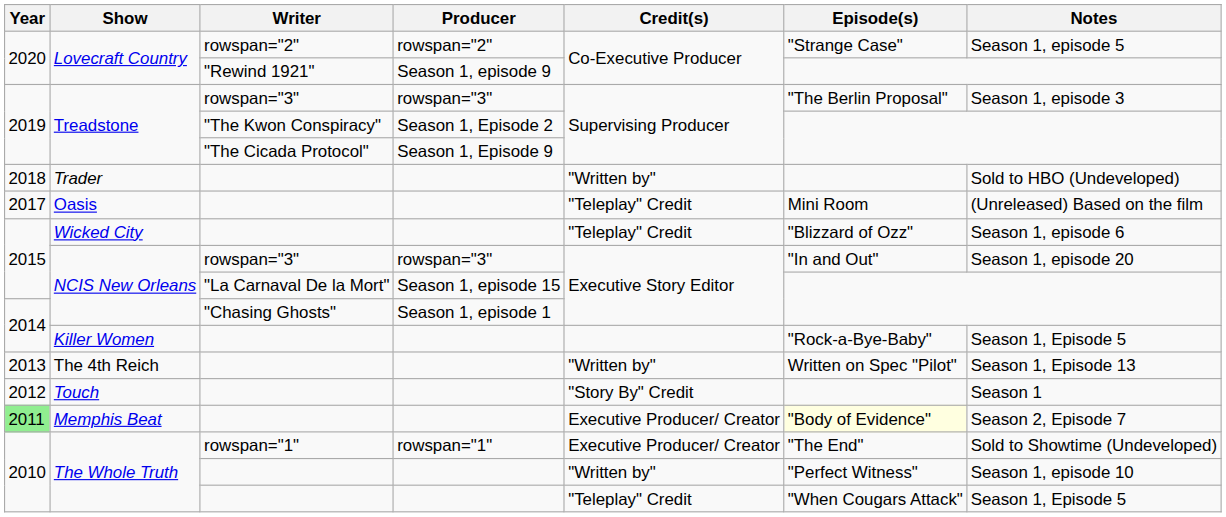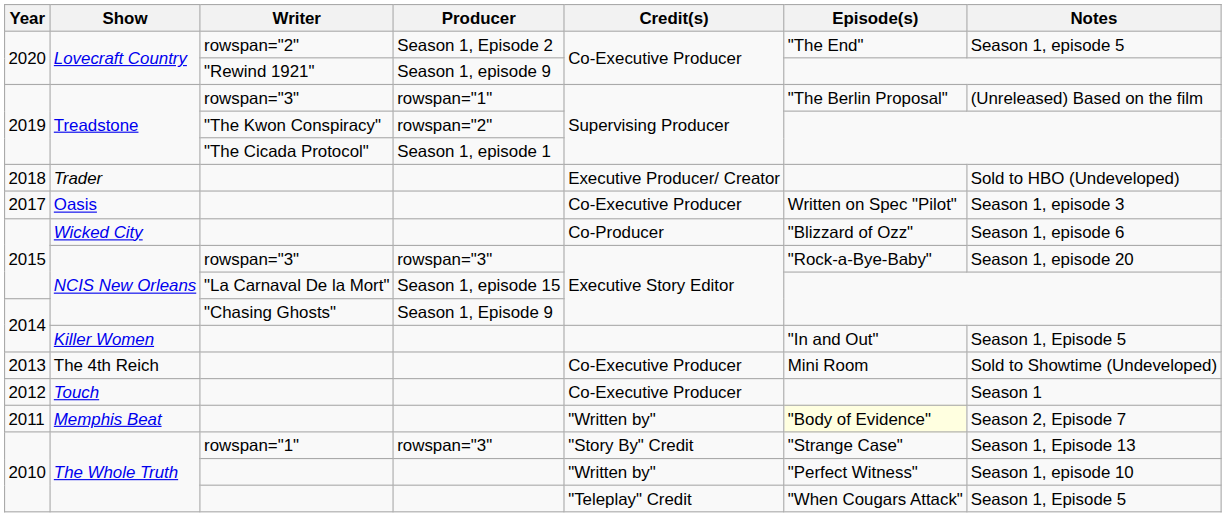 <table class="wikitable" style="font-size: 95%;">
 <tr>
 <th>Year</th>
 <th>Show</th>
 <th>Writer</th>
 <th>Producer</th>
 <th>Credit(s)</th>
 <th>Episode(s)</th>
 <th>Notes</th>
 </tr>
 <tr>
 <td rowspan="2">2020</td>
 <td rowspan="2"><em><a href='#'>Lovecraft Country</a></em></td>
 <td>rowspan="2" </td>
-<td>rowspan="2" </td>
+<td>Season 1, Episode 2</td>
 <td rowspan="2">Co-Executive Producer</td>
-<td>"Strange Case"</td>
+<td>"The End"</td>
 <td>Season 1, episode 5</td>
 </tr>
 <tr>
 <td>"Rewind 1921"</td>
 <td>Season 1, episode 9</td>
 </tr>
 <tr>
 <td rowspan="3">2019</td>
 <td rowspan="3"><a href='#'>Treadstone</a></td>
 <td>rowspan="3" </td>
-<td>rowspan="3" </td>
+<td>rowspan="1" </td>
 <td rowspan="3">Supervising Producer</td>
 <td>"The Berlin Proposal"</td>
-<td>Season 1, episode 3</td>
+<td>(Unreleased) Based on the film</td>
 </tr>
 <tr>
 <td>"The Kwon Conspiracy"</td>
-<td>Season 1, Episode 2</td>
+<td>rowspan="2" </td>
 </tr>
 <tr>
 <td>"The Cicada Protocol"</td>
-<td>Season 1, Episode 9</td>
+<td>Season 1, episode 1</td>
 </tr>
 <tr>
 <td>2018</td>
 <td><em>Trader</em></td>
 <td></td>
 <td></td>
-<td>"Written by"</td>
+<td>Executive Producer/ Creator</td>
 <td></td>
 <td>Sold to HBO (Undeveloped)</td>
 </tr>
 <tr>
 <td>2017</td>
 <td><a href='#'>Oasis</a></td>
 <td></td>
 <td></td>
-<td>"Teleplay" Credit</td>
-<td>Mini Room</td>
-<td>(Unreleased) Based on the film</td>
+<td>Co-Executive Producer</td>
+<td>Written on Spec "Pilot"</td>
+<td>Season 1, episode 3</td>
 </tr>
 <tr>
 <td rowspan="3">2015</td>
 <td rowspan="1"><em><a href='#'>Wicked City</a></em></td>
 <td></td>
 <td></td>
-<td>"Teleplay" Credit</td>
+<td>Co-Producer</td>
 <td>"Blizzard of Ozz"</td>
 <td>Season 1, episode 6</td>
 </tr>
 <tr>
 <td rowspan="3"><em><a href='#'>NCIS New Orleans</a></em></td>
 <td>rowspan="3" </td>
 <td>rowspan="3" </td>
 <td rowspan="3">Executive Story Editor</td>
-<td>"In and Out"</td>
+<td>"Rock-a-Bye-Baby"</td>
 <td>Season 1, episode 20</td>
 </tr>
 <tr>
 <td>"La Carnaval De la Mort"</td>
 <td>Season 1, episode 15</td>
 </tr>
 <tr>
 <td rowspan="2">2014</td>
 <td>"Chasing Ghosts"</td>
-<td>Season 1, episode 1</td>
+<td>Season 1, Episode 9</td>
 </tr>
 <tr>
 <td rowspan="1"><em><a href='#'>Killer Women</a></em></td>
 <td></td>
 <td></td>
 <td></td>
-<td>"Rock-a-Bye-Baby"</td>
+<td>"In and Out"</td>
 <td>Season 1, Episode 5</td>
 </tr>
 <tr>
 <td>2013</td>
 <td>The 4th Reich</td>
 <td></td>
 <td></td>
-<td>"Written by"</td>
-<td>Written on Spec "Pilot"</td>
-<td>Season 1, Episode 13</td>
+<td>Co-Executive Producer</td>
+<td>Mini Room</td>
+<td>Sold to Showtime (Undeveloped)</td>
 </tr>
 <tr>
 <td>2012</td>
 <td><em><a href='#'>Touch</a></em></td>
 <td></td>
 <td></td>
-<td>"Story By" Credit</td>
+<td>Co-Executive Producer</td>
 <td></td>
 <td>Season 1</td>
 </tr>
 <tr>
-<td style="background: lightgreen;">2011</td>
+<td>2011</td>
 <td><em><a href='#'>Memphis Beat</a></em></td>
 <td></td>
 <td></td>
-<td>Executive Producer/ Creator</td>
+<td>"Written by"</td>
 <td style="background: lightyellow;">"Body of Evidence"</td>
 <td>Season 2, Episode 7</td>
 </tr>
 <tr>
 <td rowspan="3">2010</td>
 <td rowspan="3"><em><a href='#'>The Whole Truth</a></em></td>
 <td>rowspan="1" </td>
-<td>rowspan="1" </td>
-<td>Executive Producer/ Creator</td>
-<td>"The End"</td>
-<td>Sold to Showtime (Undeveloped)</td>
+<td>rowspan="3" </td>
+<td>"Story By" Credit</td>
+<td>"Strange Case"</td>
+<td>Season 1, Episode 13</td>
 </tr>
 <tr>
 <td></td>
 <td></td>
 <td>"Written by"</td>
 <td>"Perfect Witness"</td>
 <td>Season 1, episode 10</td>
 </tr>
 <tr>
 <td></td>
 <td></td>
 <td>"Teleplay" Credit</td>
 <td>"When Cougars Attack"</td>
 <td>Season 1, Episode 5</td>
 </tr>
 </table>
